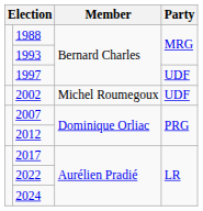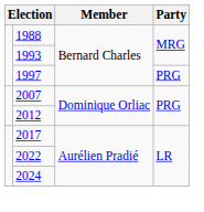 <table class="wikitable">
 <tr>
 <th colspan="2">Election</th>
 <th>Member</th>
 <th>Party</th>
 </tr>
 <tr>
 <td rowspan=3 style="background-color: "></td>
 <td><a href='#'>1988</a></td>
 <td rowspan=3>Bernard Charles</td>
 <td rowspan=2><a href='#'>MRG</a></td>
 </tr>
 <tr>
 <td><a href='#'>1993</a></td>
 </tr>
 <tr>
 <td><a href='#'>1997</a></td>
-<td><a href='#'>UDF</a></td>
-</tr>
-<tr>
-<td style="color:inherit;background-color: "></td>
-<td><a href='#'>2002</a></td>
-<td>Michel Roumegoux</td>
-<td><a href='#'>UDF</a></td>
+<td><a href='#'>PRG</a></td>
 </tr>
 <tr>
 <td rowspan=2 style="background-color: "></td>
 <td><a href='#'>2007</a></td>
 <td rowspan=2><a href='#'>Dominique Orliac</a></td>
 <td rowspan=2><a href='#'>PRG</a></td>
 </tr>
 <tr>
 <td><a href='#'>2012</a></td>
 </tr>
 <tr>
 <td rowspan="3" style="color:inherit;background-color: "></td>
 <td><a href='#'>2017</a></td>
 <td rowspan="3"><a href='#'>Aurélien Pradié</a></td>
 <td rowspan="3"><a href='#'>LR</a></td>
 </tr>
 <tr>
 <td><a href='#'>2022</a></td>
 </tr>
 <tr>
 <td><a href='#'>2024</a></td>
 </tr>
 </table>
